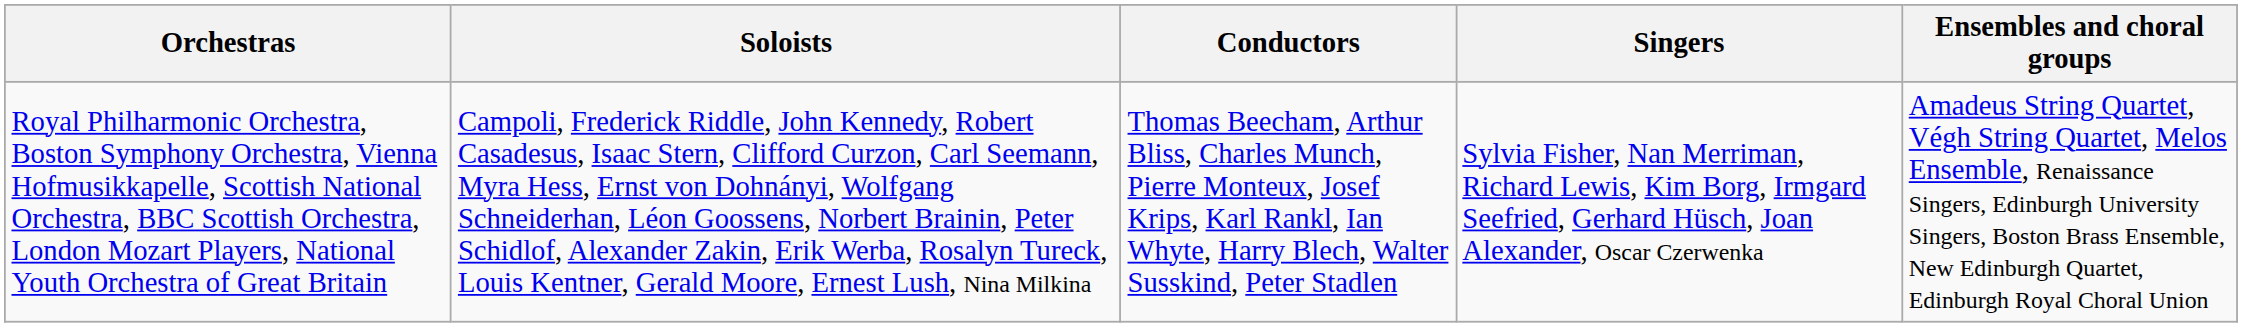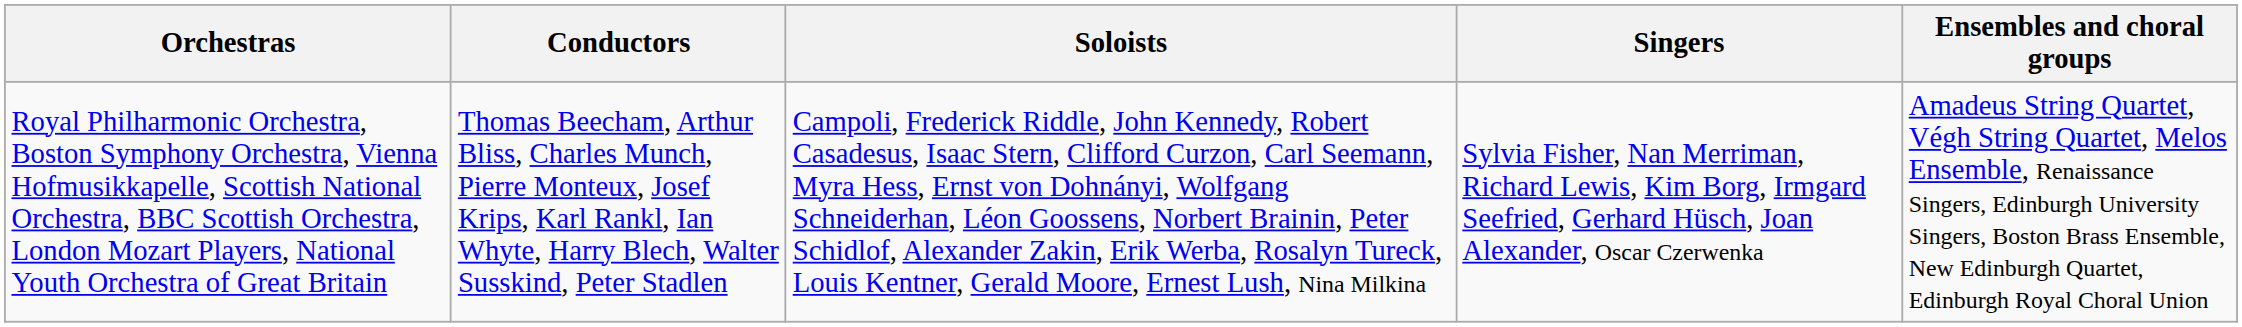 <table class="wikitable toptextcells">
 <tr class="hintergrundfarbe5">
 <th style="width:20%;">Orchestras</th>
+<th style="width:15%;">Conductors</th>
 <th style="width:30%;">Soloists</th>
-<th style="width:15%;">Conductors</th>
 <th style="width:20%;">Singers</th>
 <th style="width:15%;">Ensembles and choral groups</th>
 </tr>
 <tr>
 <td><a href='#'>Royal Philharmonic Orchestra</a>, <a href='#'>Boston Symphony Orchestra</a>, <a href='#'>Vienna Hofmusikkapelle</a>, <a href='#'>Scottish National Orchestra</a>, <a href='#'>BBC Scottish Orchestra</a>, <a href='#'>London Mozart Players</a>, <a href='#'>National Youth Orchestra of Great Britain</a></td>
+<td><a href='#'>Thomas Beecham</a>, <a href='#'>Arthur Bliss</a>, <a href='#'>Charles Munch</a>, <a href='#'>Pierre Monteux</a>, <a href='#'>Josef Krips</a>, <a href='#'>Karl Rankl</a>, <a href='#'>Ian Whyte</a>, <a href='#'>Harry Blech</a>, <a href='#'>Walter Susskind</a>, <a href='#'>Peter Stadlen</a></td>
 <td><a href='#'>Campoli</a>, <a href='#'>Frederick Riddle</a>, <a href='#'>John Kennedy</a>, <a href='#'>Robert Casadesus</a>, <a href='#'>Isaac Stern</a>, <a href='#'>Clifford Curzon</a>, <a href='#'>Carl Seemann</a>, <a href='#'>Myra Hess</a>, <a href='#'>Ernst von Dohnányi</a>, <a href='#'>Wolfgang Schneiderhan</a>, <a href='#'>Léon Goossens</a>, <a href='#'>Norbert Brainin</a>, <a href='#'>Peter Schidlof</a>, <a href='#'>Alexander Zakin</a>, <a href='#'>Erik Werba</a>, <a href='#'>Rosalyn Tureck</a>, <a href='#'>Louis Kentner</a>, <a href='#'>Gerald Moore</a>, <a href='#'>Ernest Lush</a>,  <small>Nina Milkina</small></td>
-<td><a href='#'>Thomas Beecham</a>, <a href='#'>Arthur Bliss</a>, <a href='#'>Charles Munch</a>, <a href='#'>Pierre Monteux</a>, <a href='#'>Josef Krips</a>, <a href='#'>Karl Rankl</a>, <a href='#'>Ian Whyte</a>, <a href='#'>Harry Blech</a>, <a href='#'>Walter Susskind</a>, <a href='#'>Peter Stadlen</a></td>
 <td><a href='#'>Sylvia Fisher</a>, <a href='#'>Nan Merriman</a>, <a href='#'>Richard Lewis</a>, <a href='#'>Kim Borg</a>, <a href='#'>Irmgard Seefried</a>, <a href='#'>Gerhard Hüsch</a>, <a href='#'>Joan Alexander</a>, <small>Oscar Czerwenka</small></td>
 <td><a href='#'>Amadeus String Quartet</a>, <a href='#'>Végh String Quartet</a>, <a href='#'>Melos Ensemble</a>, <small>Renaissance Singers, Edinburgh University Singers, Boston Brass Ensemble, New Edinburgh Quartet, Edinburgh Royal Choral Union</small></td>
 </tr>
 </table>
